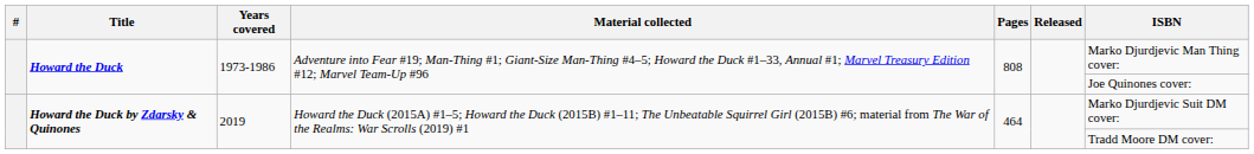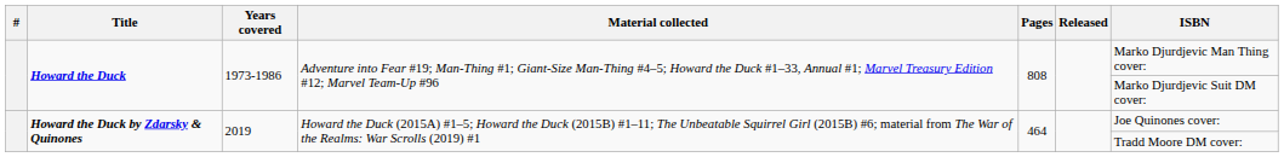 <table class="wikitable sortable" width="99%">
 <tr>
 <th class="unsortable" width="20px">#</th>
 <th>Title</th>
 <th>Years covered</th>
 <th class="unsortable">Material collected</th>
 <th>Pages</th>
 <th>Released</th>
 <th class="unsortable">ISBN</th>
 </tr>
 <tr>
 <th rowspan="2" style="background-color: light grey;"></th>
 <td rowspan="2"><strong><em><a href='#'>Howard the Duck</a></em></strong></td>
 <td rowspan="2">1973-1986</td>
 <td rowspan="2"><em>Adventure into Fear</em> #19; <em>Man-Thing</em> #1; <em>Giant-Size Man-Thing</em> #4–5; <em>Howard the Duck</em> #1–33, <em>Annual</em> #1; <em><a href='#'>Marvel Treasury Edition</a></em> #12; <em>Marvel Team-Up</em> #96</td>
 <td rowspan="2" style="text-align: center;">808</td>
 <td rowspan="2"></td>
 <td>Marko Djurdjevic Man Thing cover: </td>
 </tr>
 <tr>
-<td>Joe Quinones cover: </td>
+<td>Marko Djurdjevic Suit DM cover: </td>
 </tr>
 <tr>
 <th rowspan="2" style="background-color: light grey;"></th>
 <td rowspan="2"><strong><em>Howard the Duck by <a href='#'>Zdarsky</a> & Quinones</em></strong></td>
 <td rowspan="2"> 2019</td>
 <td rowspan="2"><em>Howard the Duck</em> (2015A) #1–5; <em>Howard the Duck</em> (2015B) #1–11; <em>The Unbeatable Squirrel Girl</em> (2015B) #6; material from <em>The War of the Realms: War Scrolls</em> (2019) #1</td>
 <td rowspan="2" style="text-align: center;">464</td>
 <td rowspan="2"></td>
-<td>Marko Djurdjevic Suit DM cover: </td>
+<td>Joe Quinones cover: </td>
 </tr>
 <tr>
 <td>Tradd Moore DM cover: </td>
 </tr>
 </table>
